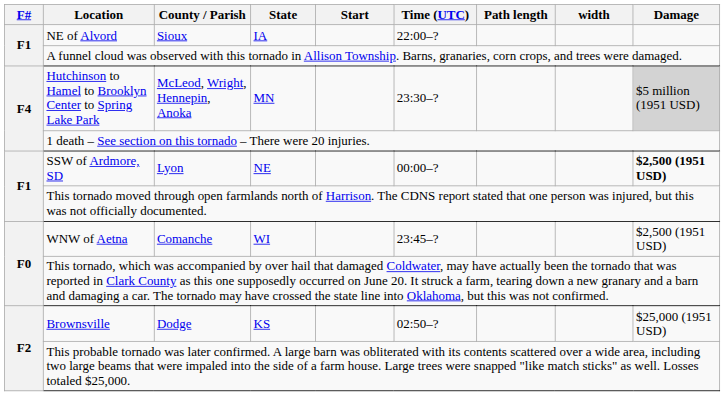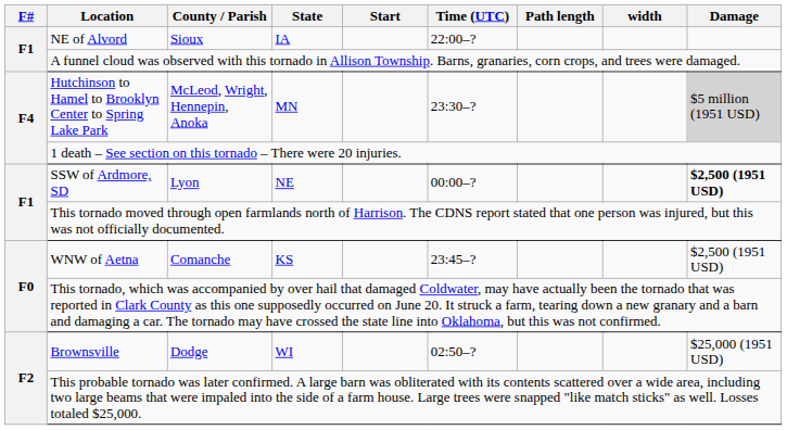 <table class="wikitable sortable" style="width:100%;">
 <tr>
 <th scope="col"  style="width:3%; text-align:center;"><a href='#'>F#</a></th>
 <th scope="col"  style="width:7%; text-align:center;" class="unsortable">Location</th>
 <th scope="col"  style="width:6%; text-align:center;" class="unsortable">County / Parish</th>
 <th scope="col"  style="width:5%; text-align:center;">State</th>
 <th scope="col"  style="width:6%; text-align:center;">Start<br></th>
 <th scope="col"  style="width:6%; text-align:center;">Time (<a href='#'>UTC</a>)</th>
 <th scope="col"  style="width:6%; text-align:center;">Path length</th>
 <th scope="col"  style="width:6%; text-align:center;"> width</th>
 <th scope="col"  style="width:6%; text-align:center;">Damage</th>
 </tr>
 <tr>
 <th scope="row" rowspan="2" style="background-color:#">F1</th>
 <td>NE of <a href='#'>Alvord</a></td>
 <td><a href='#'>Sioux</a></td>
 <td><a href='#'>IA</a></td>
 <td></td>
 <td>22:00–?</td>
 <td></td>
 <td></td>
 <td></td>
 </tr>
 <tr class="expand-child">
 <td colspan="8" style=" border-bottom: 1px solid black;">A funnel cloud was observed with this tornado in <a href='#'>Allison Township</a>. Barns, granaries, corn crops, and trees were damaged.</td>
 </tr>
 <tr>
 <th scope="row" rowspan="2" style="background-color:#">F4</th>
 <td><a href='#'>Hutchinson</a> to <a href='#'>Hamel</a> to <a href='#'>Brooklyn Center</a> to <a href='#'>Spring Lake Park</a></td>
 <td><a href='#'>McLeod</a>, <a href='#'>Wright</a>, <a href='#'>Hennepin</a>, <a href='#'>Anoka</a></td>
 <td><a href='#'>MN</a></td>
 <td></td>
 <td>23:30–?</td>
 <td></td>
 <td></td>
 <td style="background: lightgrey;">$5 million (1951 USD)</td>
 </tr>
 <tr class="expand-child">
 <td colspan="8" style=" border-bottom: 1px solid black;">1 death – <a href='#'>See section on this tornado</a> – There were 20 injuries.</td>
 </tr>
 <tr>
 <th scope="row" rowspan="2" style="background-color:#">F1</th>
 <td>SSW of <a href='#'>Ardmore, SD</a></td>
 <td><a href='#'>Lyon</a></td>
 <td><a href='#'>NE</a></td>
 <td></td>
 <td>00:00–?</td>
 <td></td>
 <td></td>
 <td><strong>$2,500 (1951 USD)</strong></td>
 </tr>
 <tr class="expand-child">
 <td colspan="8" style=" border-bottom: 1px solid black;">This tornado moved through open farmlands  north of <a href='#'>Harrison</a>. The CDNS report stated that one person was injured, but this was not officially documented.</td>
 </tr>
 <tr>
 <th scope="row" rowspan="2" style="background-color:#">F0</th>
 <td>WNW of <a href='#'>Aetna</a></td>
 <td><a href='#'>Comanche</a></td>
-<td><a href='#'>WI</a></td>
+<td><a href='#'>KS</a></td>
 <td></td>
 <td>23:45–?</td>
 <td></td>
 <td></td>
 <td>$2,500 (1951 USD)</td>
 </tr>
 <tr class="expand-child">
 <td colspan="8" style=" border-bottom: 1px solid black;">This tornado, which was accompanied by over  hail that damaged <a href='#'>Coldwater</a>, may have actually been the tornado that was reported in <a href='#'>Clark County</a> as this one supposedly occurred on June 20. It struck a farm, tearing down a new granary and a barn and damaging a car. The tornado may have crossed the state line into <a href='#'>Oklahoma</a>, but this was not confirmed.</td>
 </tr>
 <tr>
 <th scope="row" rowspan="2" style="background-color:#">F2</th>
 <td><a href='#'>Brownsville</a></td>
 <td><a href='#'>Dodge</a></td>
-<td><a href='#'>KS</a></td>
+<td><a href='#'>WI</a></td>
 <td></td>
 <td>02:50–?</td>
 <td></td>
 <td></td>
 <td>$25,000 (1951 USD)</td>
 </tr>
 <tr class="expand-child">
 <td colspan="8" style=" border-bottom: 1px solid black;">This probable tornado was later confirmed. A large barn was obliterated with its contents scattered over a wide area, including two large beams that were impaled into the side of a farm house. Large trees were snapped "like match sticks" as well. Losses totaled $25,000.</td>
 </tr>
 </table>
